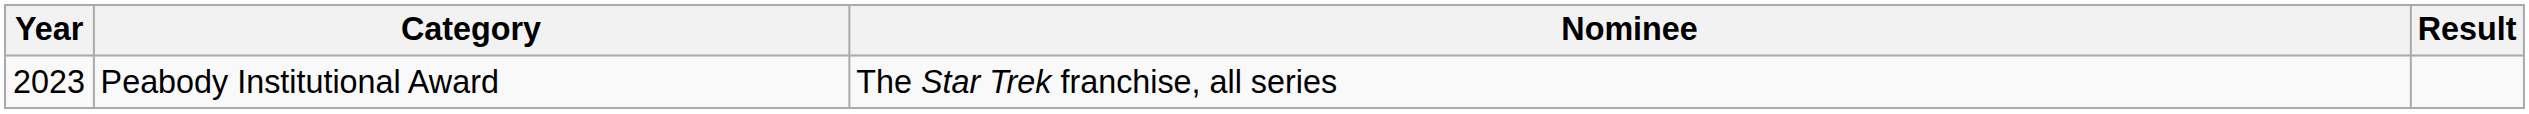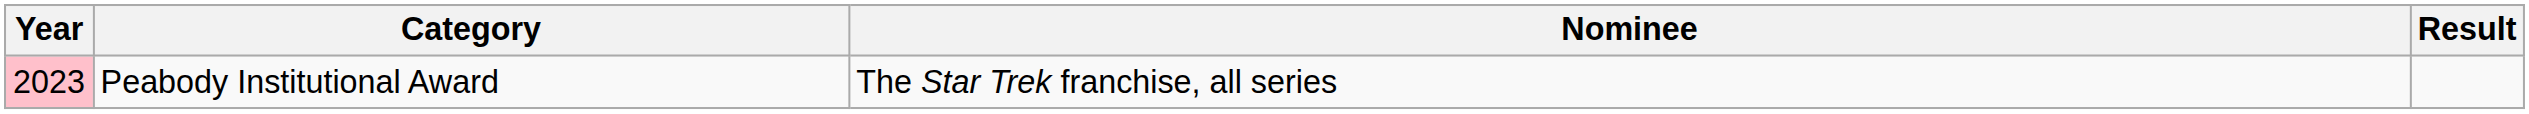 <table class="wikitable">
 <tr>
 <th width="3.5%">Year</th>
 <th width="30%">Category</th>
 <th>Nominee</th>
 <th width="3.5%">Result</th>
 </tr>
 <tr>
-<td align="center">2023</td>
+<td align="center" style="background: pink;">2023</td>
 <td>Peabody Institutional Award</td>
 <td>The <em>Star Trek</em> franchise, all series</td>
 <td></td>
 </tr>
 </table>
